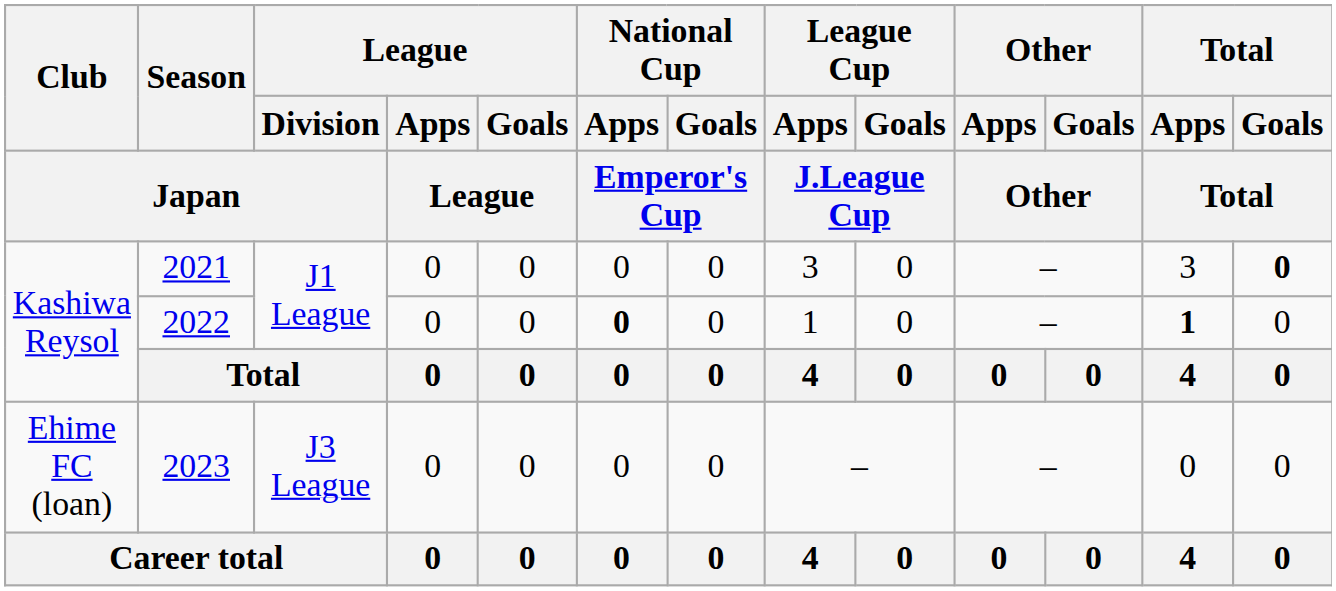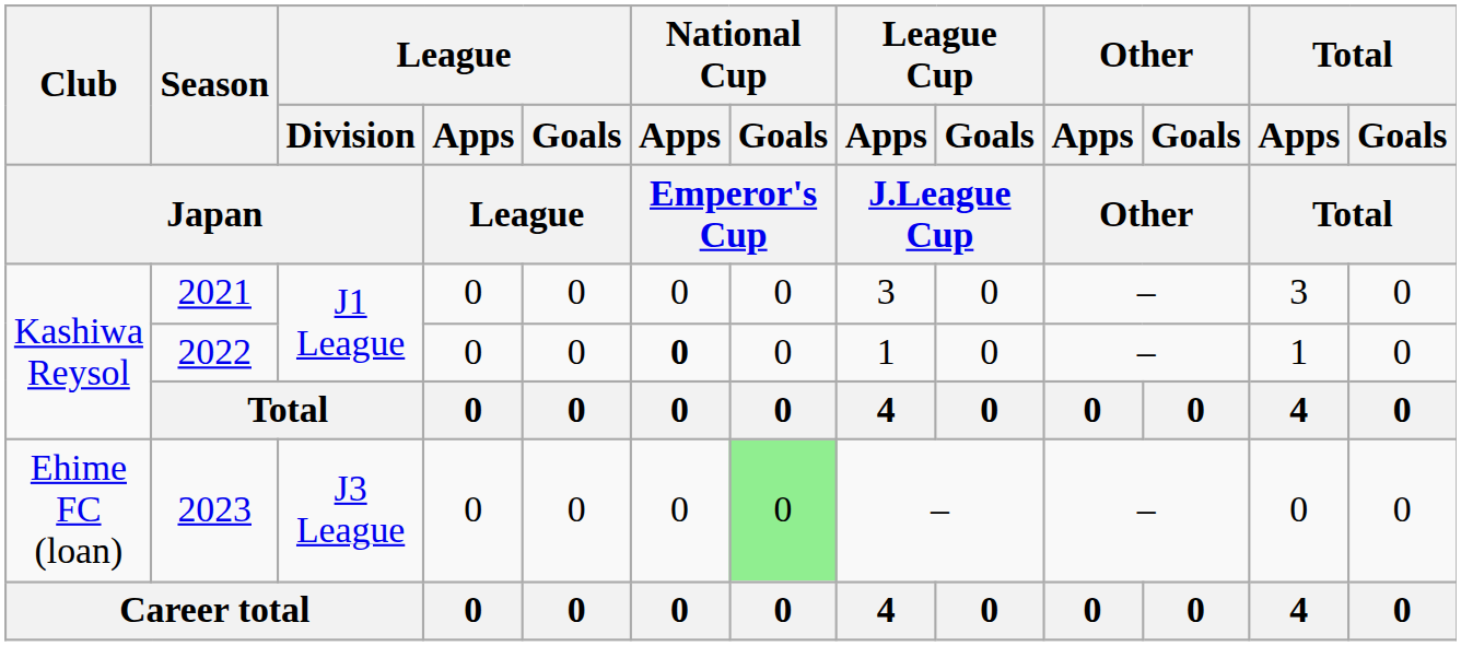 <table class="wikitable" style="text-align: center">
 <tr>
 <th rowspan="2">Club</th>
 <th rowspan="2">Season</th>
 <th colspan="3">League</th>
 <th colspan="2">National Cup</th>
 <th colspan="2">League Cup</th>
 <th colspan="2">Other</th>
 <th colspan="2">Total</th>
 </tr>
 <tr>
 <th>Division</th>
 <th>Apps</th>
 <th>Goals</th>
 <th>Apps</th>
 <th>Goals</th>
 <th>Apps</th>
 <th>Goals</th>
 <th>Apps</th>
 <th>Goals</th>
 <th>Apps</th>
 <th>Goals</th>
 </tr>
 <tr>
 <th colspan=3>Japan</th>
 <th colspan=2>League</th>
 <th colspan=2><a href='#'>Emperor's Cup</a></th>
 <th colspan=2><a href='#'>J.League Cup</a></th>
 <th colspan=2>Other</th>
 <th colspan=2>Total</th>
 </tr>
 <tr>
 <td rowspan="3"><a href='#'>Kashiwa Reysol</a></td>
 <td><a href='#'>2021</a></td>
 <td rowspan="2"><a href='#'>J1 League</a></td>
 <td>0</td>
 <td>0</td>
 <td>0</td>
 <td>0</td>
 <td>3</td>
 <td>0</td>
 <td colspan="2">–</td>
 <td>3</td>
-<td><strong>0</strong></td>
+<td>0</td>
 </tr>
 <tr>
 <td><a href='#'>2022</a></td>
 <td>0</td>
 <td>0</td>
 <td><strong>0</strong></td>
 <td>0</td>
 <td>1</td>
 <td>0</td>
 <td colspan="2">–</td>
-<td><strong>1</strong></td>
+<td>1</td>
 <td>0</td>
 </tr>
 <tr>
 <th colspan=2>Total</th>
 <th>0</th>
 <th>0</th>
 <th>0</th>
 <th>0</th>
 <th>4</th>
 <th>0</th>
 <th>0</th>
 <th>0</th>
 <th>4</th>
 <th>0</th>
 </tr>
 <tr>
 <td><a href='#'>Ehime FC</a> (loan)</td>
 <td><a href='#'>2023</a></td>
 <td><a href='#'>J3 League</a></td>
 <td>0</td>
 <td>0</td>
 <td>0</td>
-<td>0</td>
+<td style="background: lightgreen;">0</td>
 <td colspan="2">–</td>
 <td colspan="2">–</td>
 <td>0</td>
 <td>0</td>
 </tr>
 <tr>
 <th colspan=3>Career total</th>
 <th>0</th>
 <th>0</th>
 <th>0</th>
 <th>0</th>
 <th>4</th>
 <th>0</th>
 <th>0</th>
 <th>0</th>
 <th>4</th>
 <th>0</th>
 </tr>
 </table>
